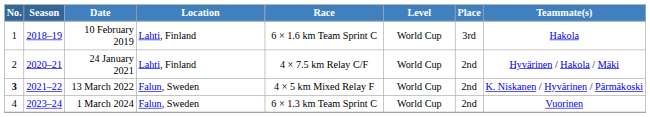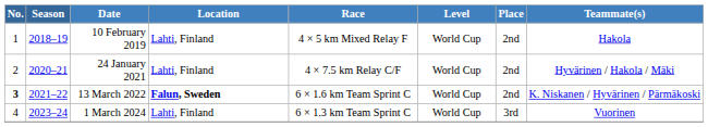 <table class="wikitable sortable" style="font-size:95%; text-align:center; border:grey solid 1px; border-collapse:collapse; background:#ffffff;">
 <tr style="background:#efefef;">
 <th style="background-color:#369; color:white;">No.</th>
 <th style="background-color:#369; color:white;">Season</th>
 <th style="background-color:#4180be; color:white; width:100px;">Date</th>
 <th style="background-color:#4180be; color:white; width:185px;">Location</th>
 <th style="background-color:#4180be; color:white; width:170px;">Race</th>
 <th style="background-color:#4180be; color:white; width:100px;">Level</th>
 <th style="background-color:#4180be; color:white;">Place</th>
 <th style="background-color:#4180be; color:white;">Teammate(s)</th>
 </tr>
 <tr>
 <td align=center>1</td>
 <td rowspan=1 align=center><a href='#'>2018–19</a></td>
 <td align=right>10 February 2019</td>
 <td align=left> <a href='#'>Lahti</a>, Finland</td>
-<td>6 × 1.6 km Team Sprint C</td>
+<td>4 × 5 km Mixed Relay F</td>
 <td>World Cup</td>
-<td>3rd</td>
+<td>2nd</td>
 <td><a href='#'>Hakola</a></td>
 </tr>
 <tr>
 <td align=center>2</td>
 <td rowspan=1 align=center><a href='#'>2020–21</a></td>
 <td align=right>24 January 2021</td>
 <td align=left> <a href='#'>Lahti</a>, Finland</td>
 <td>4 × 7.5 km Relay C/F</td>
 <td>World Cup</td>
 <td>2nd</td>
 <td><a href='#'>Hyvärinen</a> / <a href='#'>Hakola</a> / <a href='#'>Mäki</a></td>
 </tr>
 <tr>
 <td align=center><strong>3</strong></td>
 <td rowspan=1 align=center><a href='#'>2021–22</a></td>
 <td align=right>13 March 2022</td>
-<td align=left> <a href='#'>Falun</a>, Sweden</td>
-<td>4 × 5 km Mixed Relay F</td>
+<td align=left><strong> <a href='#'>Falun</a>, Sweden</strong></td>
+<td>6 × 1.6 km Team Sprint C</td>
 <td>World Cup</td>
 <td>2nd</td>
 <td><a href='#'>K. Niskanen</a> / <a href='#'>Hyvärinen</a> / <a href='#'>Pärmäkoski</a></td>
 </tr>
 <tr>
 <td align=center>4</td>
 <td rowspan=1 align=center><a href='#'>2023–24</a></td>
 <td align=right>1 March 2024</td>
-<td align=left> <a href='#'>Falun</a>, Sweden</td>
+<td align=left> <a href='#'>Lahti</a>, Finland</td>
 <td>6 × 1.3 km Team Sprint C</td>
 <td>World Cup</td>
-<td>2nd</td>
+<td>3rd</td>
 <td><a href='#'>Vuorinen</a></td>
 </tr>
 <tr>
 </tr>
 </table>
